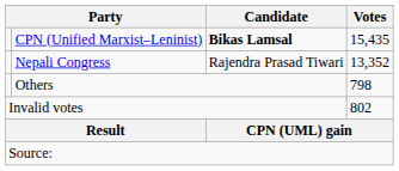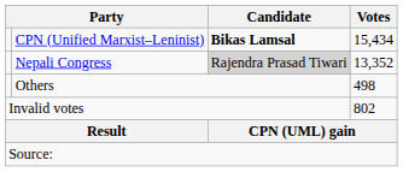 <table class="wikitable">
 <tr>
 <th colspan="2">Party</th>
 <th>Candidate</th>
 <th>Votes</th>
 </tr>
 <tr>
 <td style="background-color:"></td>
 <td><a href='#'>CPN (Unified Marxist–Leninist)</a></td>
 <td><strong>Bikas Lamsal</strong></td>
-<td>15,435</td>
+<td>15,434</td>
 </tr>
 <tr>
 <td style="background-color:"></td>
 <td><a href='#'>Nepali Congress</a></td>
-<td>Rajendra Prasad Tiwari</td>
+<td style="background: lightgrey;">Rajendra Prasad Tiwari</td>
 <td>13,352</td>
 </tr>
 <tr>
 <td></td>
 <td colspan="2">Others</td>
-<td>798</td>
+<td>498</td>
 </tr>
 <tr>
 <td colspan="3">Invalid votes</td>
 <td>802</td>
 </tr>
 <tr>
 <th colspan="2">Result</th>
 <th colspan="2">CPN (UML) gain</th>
 </tr>
 <tr>
 <td colspan="4">Source: </td>
 </tr>
 </table>
